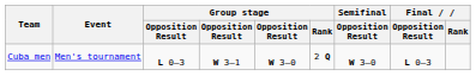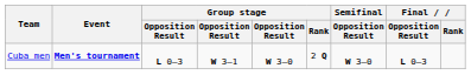 <table class=wikitable style=font-size:90%;text-align:center>
 <tr>
 <th rowspan=2>Team</th>
 <th rowspan=2>Event</th>
 <th colspan=4>Group stage</th>
 <th>Semifinal</th>
 <th colspan=2>Final /  / </th>
 </tr>
 <tr style=font-size:95%>
 <th>Opposition<br>Result</th>
 <th>Opposition<br>Result</th>
 <th>Opposition<br>Result</th>
 <th>Rank</th>
 <th>Opposition<br>Result</th>
 <th>Opposition<br>Result</th>
 <th>Rank</th>
 </tr>
 <tr>
 <td align=left><a href='#'>Cuba men</a></td>
-<td align=left><a href='#'>Men's tournament</a></td>
+<td align=left><strong><a href='#'>Men's tournament</a></strong></td>
 <td><br><strong>L</strong> 0–3</td>
 <td><br><strong>W</strong> 3–1</td>
 <td><br><strong>W</strong> 3–0</td>
 <td>2 <strong>Q</strong></td>
 <td><br><strong>W</strong> 3–0</td>
 <td><br><strong>L</strong> 0–3</td>
 <td></td>
 </tr>
 </table>
